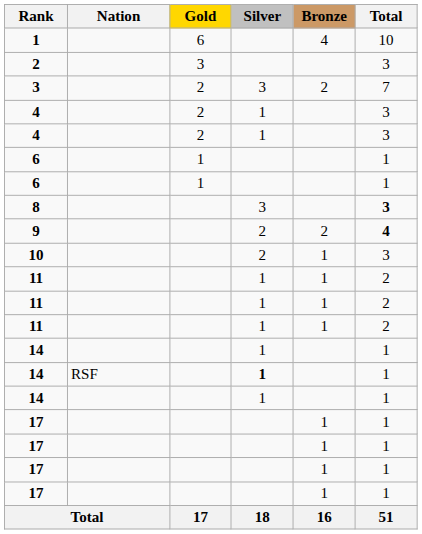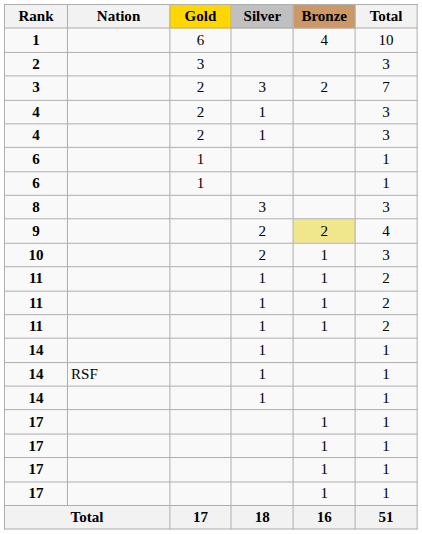 <table class="wikitable collapsible autocollapse plainrowheaders" width=70.5% style="text-align:center;">
 <tr style="background-color:#EDEDED;">
 <th width=100px class="hintergrundfarbe5">Rank</th>
 <th width=200px class="hintergrundfarbe6">Nation</th>
 <th style="background:    gold; width:15%">Gold</th>
 <th style="background:  silver; width:15%">Silver</th>
 <th style="background: #CC9966; width:15%">Bronze</th>
 <th class="hintergrundfarbe6" style="width:15%">Total</th>
 </tr>
 <tr>
 <td><strong>1</strong></td>
 <td align=left></td>
 <td>6</td>
 <td></td>
 <td>4</td>
 <td>10</td>
 </tr>
 <tr>
 <td><strong>2</strong></td>
 <td align=left></td>
 <td>3</td>
 <td></td>
 <td></td>
 <td>3</td>
 </tr>
 <tr>
 <td><strong>3</strong></td>
 <td align=left></td>
 <td>2</td>
 <td>3</td>
 <td>2</td>
 <td>7</td>
 </tr>
 <tr>
 <td><strong>4</strong></td>
 <td align=left></td>
 <td>2</td>
 <td>1</td>
 <td></td>
 <td>3</td>
 </tr>
 <tr>
 <td><strong>4</strong></td>
 <td align=left></td>
 <td>2</td>
 <td>1</td>
 <td></td>
 <td>3</td>
 </tr>
 <tr>
 <td><strong>6</strong></td>
 <td align=left></td>
 <td>1</td>
 <td></td>
 <td></td>
 <td>1</td>
 </tr>
 <tr>
 <td><strong>6</strong></td>
 <td align=left></td>
 <td>1</td>
 <td></td>
 <td></td>
 <td>1</td>
 </tr>
 <tr>
 <td><strong>8</strong></td>
 <td align=left></td>
 <td></td>
 <td>3</td>
 <td></td>
-<td><strong>3</strong></td>
+<td>3</td>
 </tr>
 <tr>
 <td><strong>9</strong></td>
 <td align=left></td>
 <td></td>
 <td>2</td>
-<td>2</td>
-<td><strong>4</strong></td>
+<td style="background: khaki;">2</td>
+<td>4</td>
 </tr>
 <tr>
 <td><strong>10</strong></td>
 <td align=left></td>
 <td></td>
 <td>2</td>
 <td>1</td>
 <td>3</td>
 </tr>
 <tr>
 <td><strong>11</strong></td>
 <td align=left></td>
 <td></td>
 <td>1</td>
 <td>1</td>
 <td>2</td>
 </tr>
 <tr>
 <td><strong>11</strong></td>
 <td align=left></td>
 <td></td>
 <td>1</td>
 <td>1</td>
 <td>2</td>
 </tr>
 <tr>
 <td><strong>11</strong></td>
 <td align=left></td>
 <td></td>
 <td>1</td>
 <td>1</td>
 <td>2</td>
 </tr>
 <tr>
 <td><strong>14</strong></td>
 <td align=left></td>
 <td></td>
 <td>1</td>
 <td></td>
 <td>1</td>
 </tr>
 <tr>
 <td><strong>14</strong></td>
 <td align=left>RSF</td>
 <td></td>
-<td><strong>1</strong></td>
+<td>1</td>
 <td></td>
 <td>1</td>
 </tr>
 <tr>
 <td><strong>14</strong></td>
 <td align=left></td>
 <td></td>
 <td>1</td>
 <td></td>
 <td>1</td>
 </tr>
 <tr>
 <td><strong>17</strong></td>
 <td align=left></td>
 <td></td>
 <td></td>
 <td>1</td>
 <td>1</td>
 </tr>
 <tr>
 <td><strong>17</strong></td>
 <td align=left></td>
 <td></td>
 <td></td>
 <td>1</td>
 <td>1</td>
 </tr>
 <tr>
 <td><strong>17</strong></td>
 <td align=left></td>
 <td></td>
 <td></td>
 <td>1</td>
 <td>1</td>
 </tr>
 <tr>
 <td><strong>17</strong></td>
 <td align=left></td>
 <td></td>
 <td></td>
 <td>1</td>
 <td>1</td>
 </tr>
 <tr>
 <th colspan=2>Total</th>
 <th>17</th>
 <th>18</th>
 <th>16</th>
 <th>51</th>
 </tr>
 </table>
